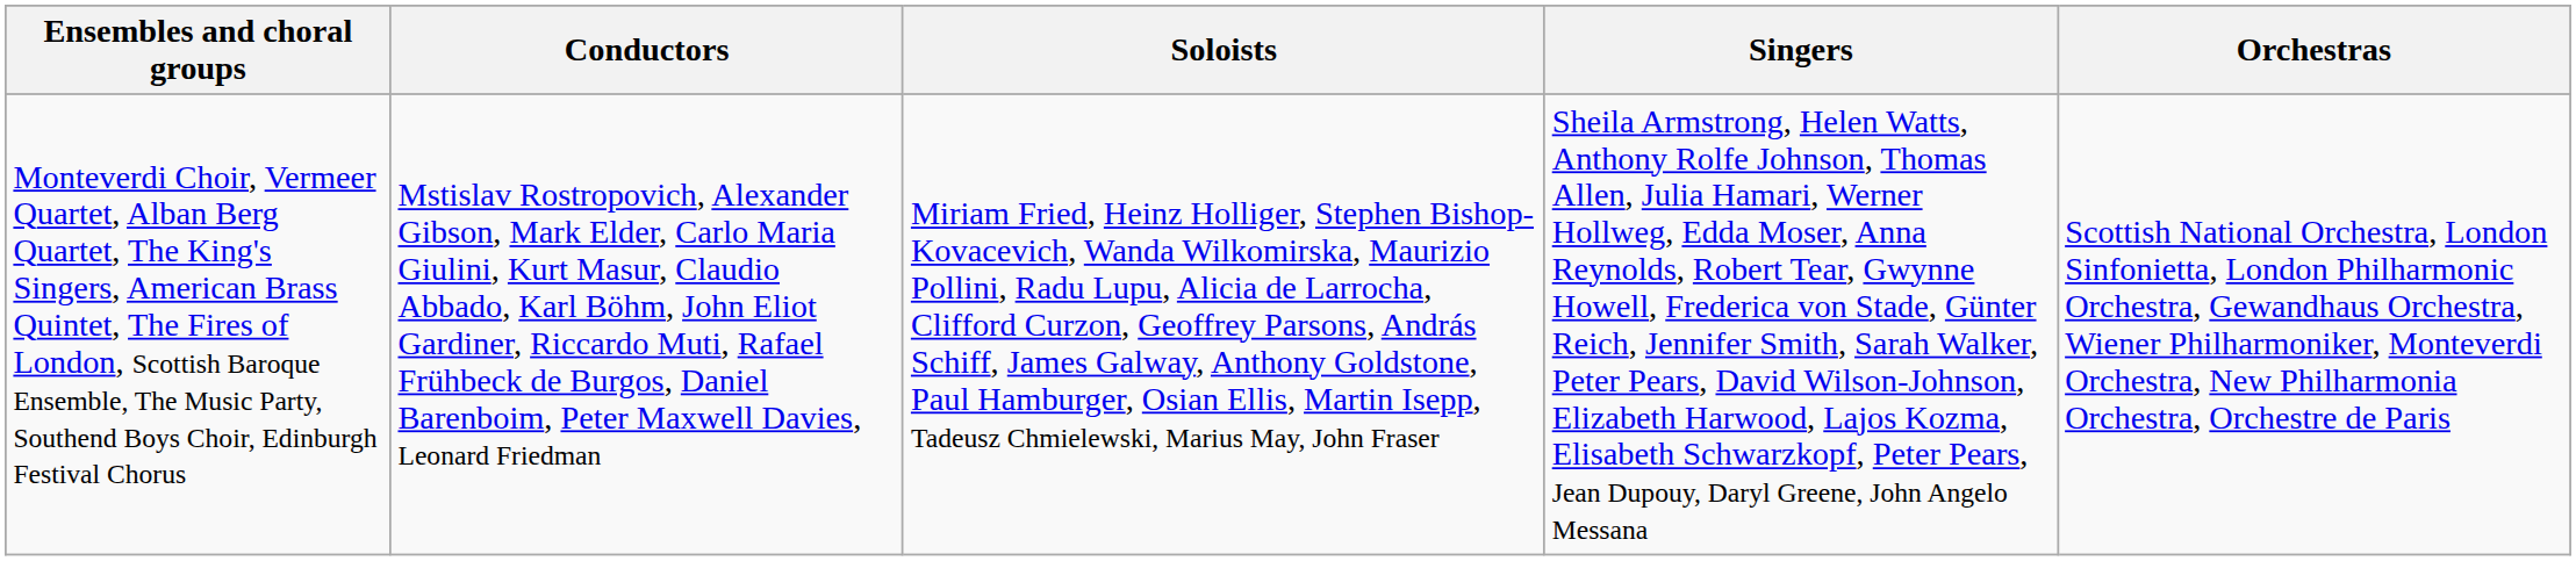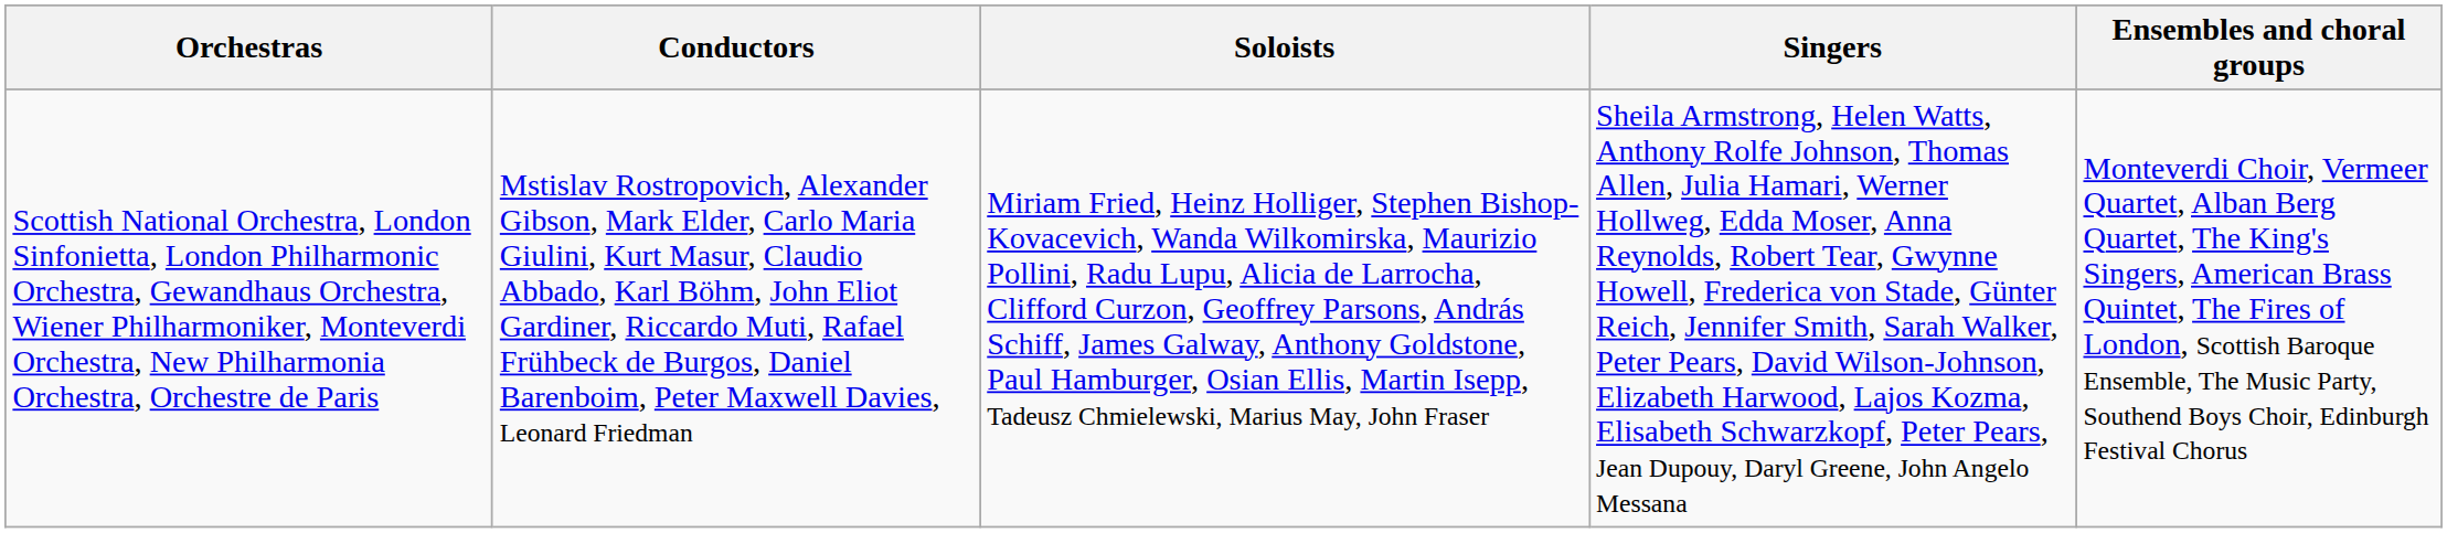 <table class="wikitable toptextcells">
 <tr class="hintergrundfarbe5">
-<th style="width:15%;">Ensembles and choral groups</th>
+<th style="width:20%;">Orchestras</th>
 <th style="width:20%;">Conductors</th>
 <th style="width:25%;">Soloists</th>
 <th style="width:20%;">Singers</th>
-<th style="width:20%;">Orchestras</th>
+<th style="width:15%;">Ensembles and choral groups</th>
 </tr>
 <tr>
-<td><a href='#'>Monteverdi Choir</a>, <a href='#'>Vermeer Quartet</a>, <a href='#'>Alban Berg Quartet</a>, <a href='#'>The King's Singers</a>, <a href='#'>American Brass Quintet</a>, <a href='#'>The Fires of London</a>, <small>Scottish Baroque Ensemble, The Music Party, Southend Boys Choir, Edinburgh Festival Chorus</small></td>
+<td><a href='#'>Scottish National Orchestra</a>, <a href='#'>London Sinfonietta</a>, <a href='#'>London Philharmonic Orchestra</a>, <a href='#'>Gewandhaus Orchestra</a>, <a href='#'>Wiener Philharmoniker</a>, <a href='#'>Monteverdi Orchestra</a>, <a href='#'>New Philharmonia Orchestra</a>, <a href='#'>Orchestre de Paris</a></td>
 <td><a href='#'>Mstislav Rostropovich</a>, <a href='#'>Alexander Gibson</a>, <a href='#'>Mark Elder</a>, <a href='#'>Carlo Maria Giulini</a>, <a href='#'>Kurt Masur</a>, <a href='#'>Claudio Abbado</a>, <a href='#'>Karl Böhm</a>, <a href='#'>John Eliot Gardiner</a>, <a href='#'>Riccardo Muti</a>, <a href='#'>Rafael Frühbeck de Burgos</a>, <a href='#'>Daniel Barenboim</a>, <a href='#'>Peter Maxwell Davies</a>, <small>Leonard Friedman</small></td>
 <td><a href='#'>Miriam Fried</a>, <a href='#'>Heinz Holliger</a>, <a href='#'>Stephen Bishop-Kovacevich</a>, <a href='#'>Wanda Wilkomirska</a>, <a href='#'>Maurizio Pollini</a>, <a href='#'>Radu Lupu</a>, <a href='#'>Alicia de Larrocha</a>, <a href='#'>Clifford Curzon</a>, <a href='#'>Geoffrey Parsons</a>, <a href='#'>András Schiff</a>, <a href='#'>James Galway</a>, <a href='#'>Anthony Goldstone</a>, <a href='#'>Paul Hamburger</a>, <a href='#'>Osian Ellis</a>, <a href='#'>Martin Isepp</a>, <small>Tadeusz Chmielewski, Marius May, John Fraser</small></td>
 <td><a href='#'>Sheila Armstrong</a>, <a href='#'>Helen Watts</a>, <a href='#'>Anthony Rolfe Johnson</a>, <a href='#'>Thomas Allen</a>, <a href='#'>Julia Hamari</a>, <a href='#'>Werner Hollweg</a>, <a href='#'>Edda Moser</a>, <a href='#'>Anna Reynolds</a>, <a href='#'>Robert Tear</a>, <a href='#'>Gwynne Howell</a>, <a href='#'>Frederica von Stade</a>, <a href='#'>Günter Reich</a>, <a href='#'>Jennifer Smith</a>, <a href='#'>Sarah Walker</a>, <a href='#'>Peter Pears</a>, <a href='#'>David Wilson-Johnson</a>, <a href='#'>Elizabeth Harwood</a>, <a href='#'>Lajos Kozma</a>, <a href='#'>Elisabeth Schwarzkopf</a>, <a href='#'>Peter Pears</a>, <small>Jean Dupouy, Daryl Greene, John Angelo Messana</small></td>
-<td><a href='#'>Scottish National Orchestra</a>, <a href='#'>London Sinfonietta</a>, <a href='#'>London Philharmonic Orchestra</a>, <a href='#'>Gewandhaus Orchestra</a>, <a href='#'>Wiener Philharmoniker</a>, <a href='#'>Monteverdi Orchestra</a>, <a href='#'>New Philharmonia Orchestra</a>, <a href='#'>Orchestre de Paris</a></td>
+<td><a href='#'>Monteverdi Choir</a>, <a href='#'>Vermeer Quartet</a>, <a href='#'>Alban Berg Quartet</a>, <a href='#'>The King's Singers</a>, <a href='#'>American Brass Quintet</a>, <a href='#'>The Fires of London</a>, <small>Scottish Baroque Ensemble, The Music Party, Southend Boys Choir, Edinburgh Festival Chorus</small></td>
 </tr>
 </table>
